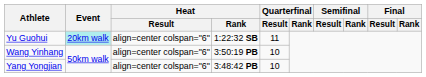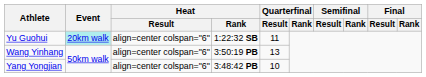 <table class=wikitable style="font-size:90%">
 <tr>
 <th rowspan="2">Athlete</th>
 <th rowspan="2">Event</th>
 <th colspan="2">Heat</th>
 <th colspan="2">Quarterfinal</th>
 <th colspan="2">Semifinal</th>
 <th colspan="2">Final</th>
 </tr>
 <tr style="font-size:95%">
 <th>Result</th>
 <th>Rank</th>
 <th>Result</th>
 <th>Rank</th>
 <th>Result</th>
 <th>Rank</th>
 <th>Result</th>
 <th>Rank</th>
 </tr>
 <tr>
 <td align=left><a href='#'>Yu Guohui</a></td>
 <td align=left style="background: paleturquoise;"><a href='#'>20km walk</a></td>
 <td>align=center colspan="6" </td>
 <td align=center>1:22:32 <strong>SB</strong></td>
 <td align=center>11</td>
 </tr>
 <tr>
 <td align=left><a href='#'>Wang Yinhang</a></td>
 <td align=left rowspan=2><a href='#'>50km walk</a></td>
 <td>align=center colspan="6" </td>
 <td align=center>3:50:19 <strong>PB</strong></td>
-<td align=center>10</td>
+<td align=center>13</td>
 </tr>
 <tr>
 <td align=left><a href='#'>Yang Yongjian</a></td>
 <td>align=center colspan="6" </td>
 <td align=center>3:48:42 <strong>PB</strong></td>
 <td align=center>10</td>
 </tr>
 </table>
